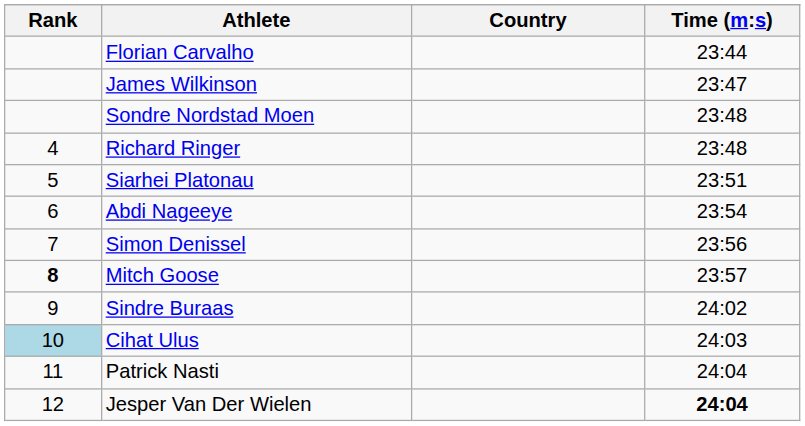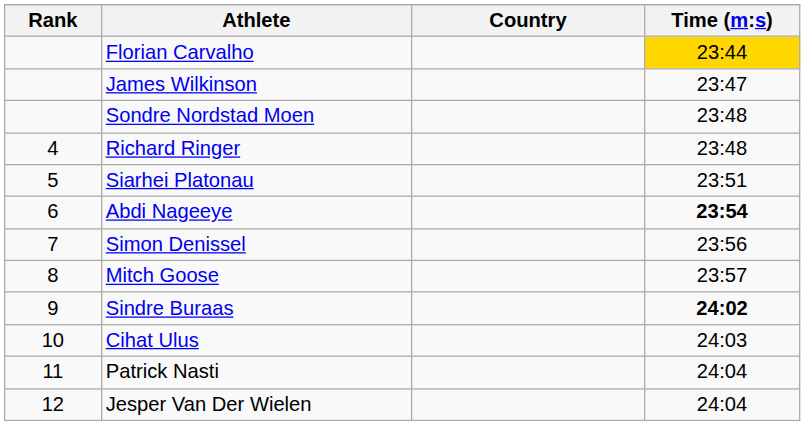 <table class="wikitable" width=50%>
 <tr>
 </tr>
 <tr>
 <th width=5%>Rank</th>
 <th width=20%>Athlete</th>
 <th width=15%>Country</th>
 <th width=10%>Time (<a href='#'>m</a>:<a href='#'>s</a>)</th>
 </tr>
 <tr align="center">
 <td></td>
 <td align="left"><a href='#'>Florian Carvalho</a></td>
 <td align="left"></td>
-<td>23:44</td>
+<td style="background: gold;">23:44</td>
 </tr>
 <tr align="center">
 <td></td>
 <td align="left"><a href='#'>James Wilkinson</a></td>
 <td align="left"></td>
 <td>23:47</td>
 </tr>
 <tr align="center">
 <td></td>
 <td align="left"><a href='#'>Sondre Nordstad Moen</a></td>
 <td align="left"></td>
 <td>23:48</td>
 </tr>
 <tr align="center">
 <td>4</td>
 <td align="left"><a href='#'>Richard Ringer</a></td>
 <td align="left"></td>
 <td>23:48</td>
 </tr>
 <tr align="center">
 <td>5</td>
 <td align="left"><a href='#'>Siarhei Platonau</a></td>
 <td align="left"></td>
 <td>23:51</td>
 </tr>
 <tr align="center">
 <td>6</td>
 <td align="left"><a href='#'>Abdi Nageeye</a></td>
 <td align="left"></td>
-<td>23:54</td>
+<td><strong>23:54</strong></td>
 </tr>
 <tr align="center">
 <td>7</td>
 <td align="left"><a href='#'>Simon Denissel</a></td>
 <td align="left"></td>
 <td>23:56</td>
 </tr>
 <tr align="center">
-<td><strong>8</strong></td>
+<td>8</td>
 <td align="left"><a href='#'>Mitch Goose</a></td>
 <td align="left"></td>
 <td>23:57</td>
 </tr>
 <tr align="center">
 <td>9</td>
 <td align="left"><a href='#'>Sindre Buraas</a></td>
 <td align="left"></td>
-<td>24:02</td>
+<td><strong>24:02</strong></td>
 </tr>
 <tr align="center">
-<td style="background: lightblue;">10</td>
+<td>10</td>
 <td align="left"><a href='#'>Cihat Ulus</a></td>
 <td align="left"></td>
 <td>24:03</td>
 </tr>
 <tr align="center">
 <td>11</td>
 <td align="left">Patrick Nasti</td>
 <td align="left"></td>
 <td>24:04</td>
 </tr>
 <tr align="center">
 <td>12</td>
 <td align="left">Jesper Van Der Wielen</td>
 <td align="left"></td>
-<td><strong>24:04</strong></td>
+<td>24:04</td>
 </tr>
 </table>
